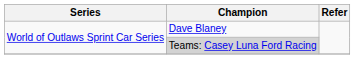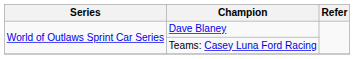 <table class="wikitable" style="font-size:87%;">
 <tr>
 <th>Series</th>
 <th>Champion</th>
 <th>Refer</th>
 </tr>
 <tr>
 <td rowspan=2><a href='#'>World of Outlaws Sprint Car Series</a></td>
 <td> <a href='#'>Dave Blaney</a></td>
 <td rowspan=2></td>
 </tr>
 <tr>
-<td style="background: lightgrey;">Teams:  <a href='#'>Casey Luna Ford Racing</a></td>
+<td>Teams:  <a href='#'>Casey Luna Ford Racing</a></td>
 </tr>
 <tr>
 </tr>
 </table>
